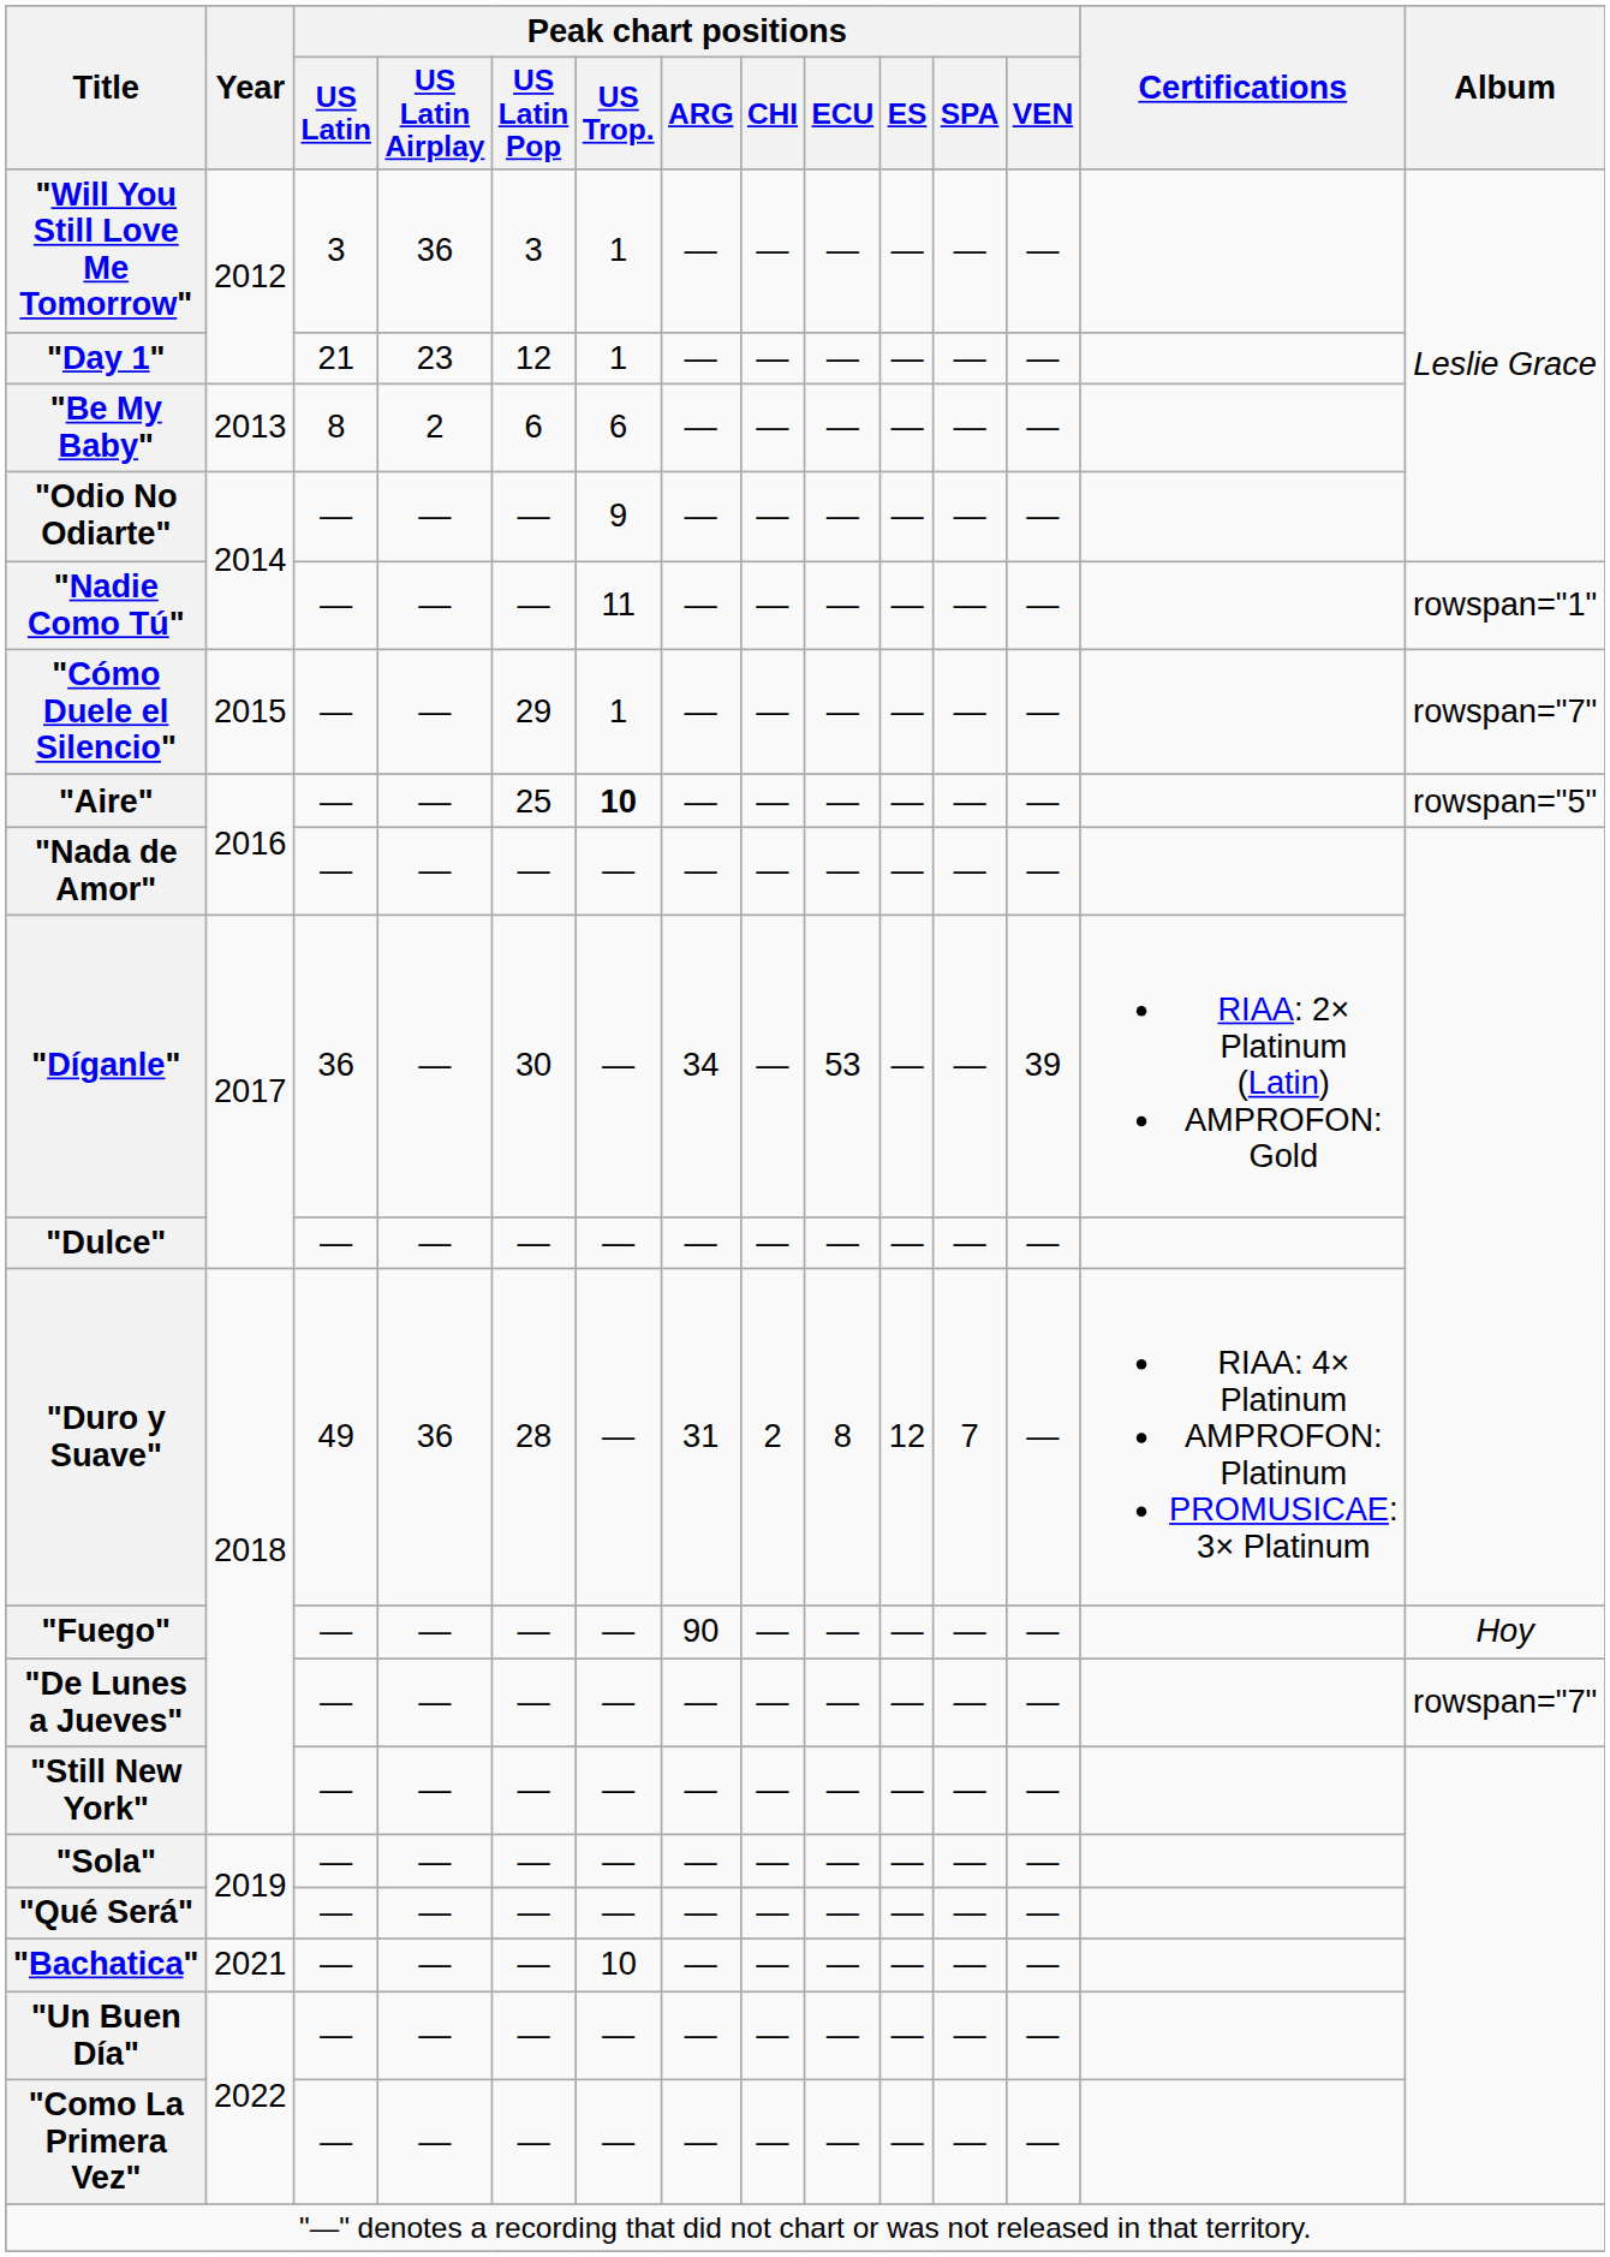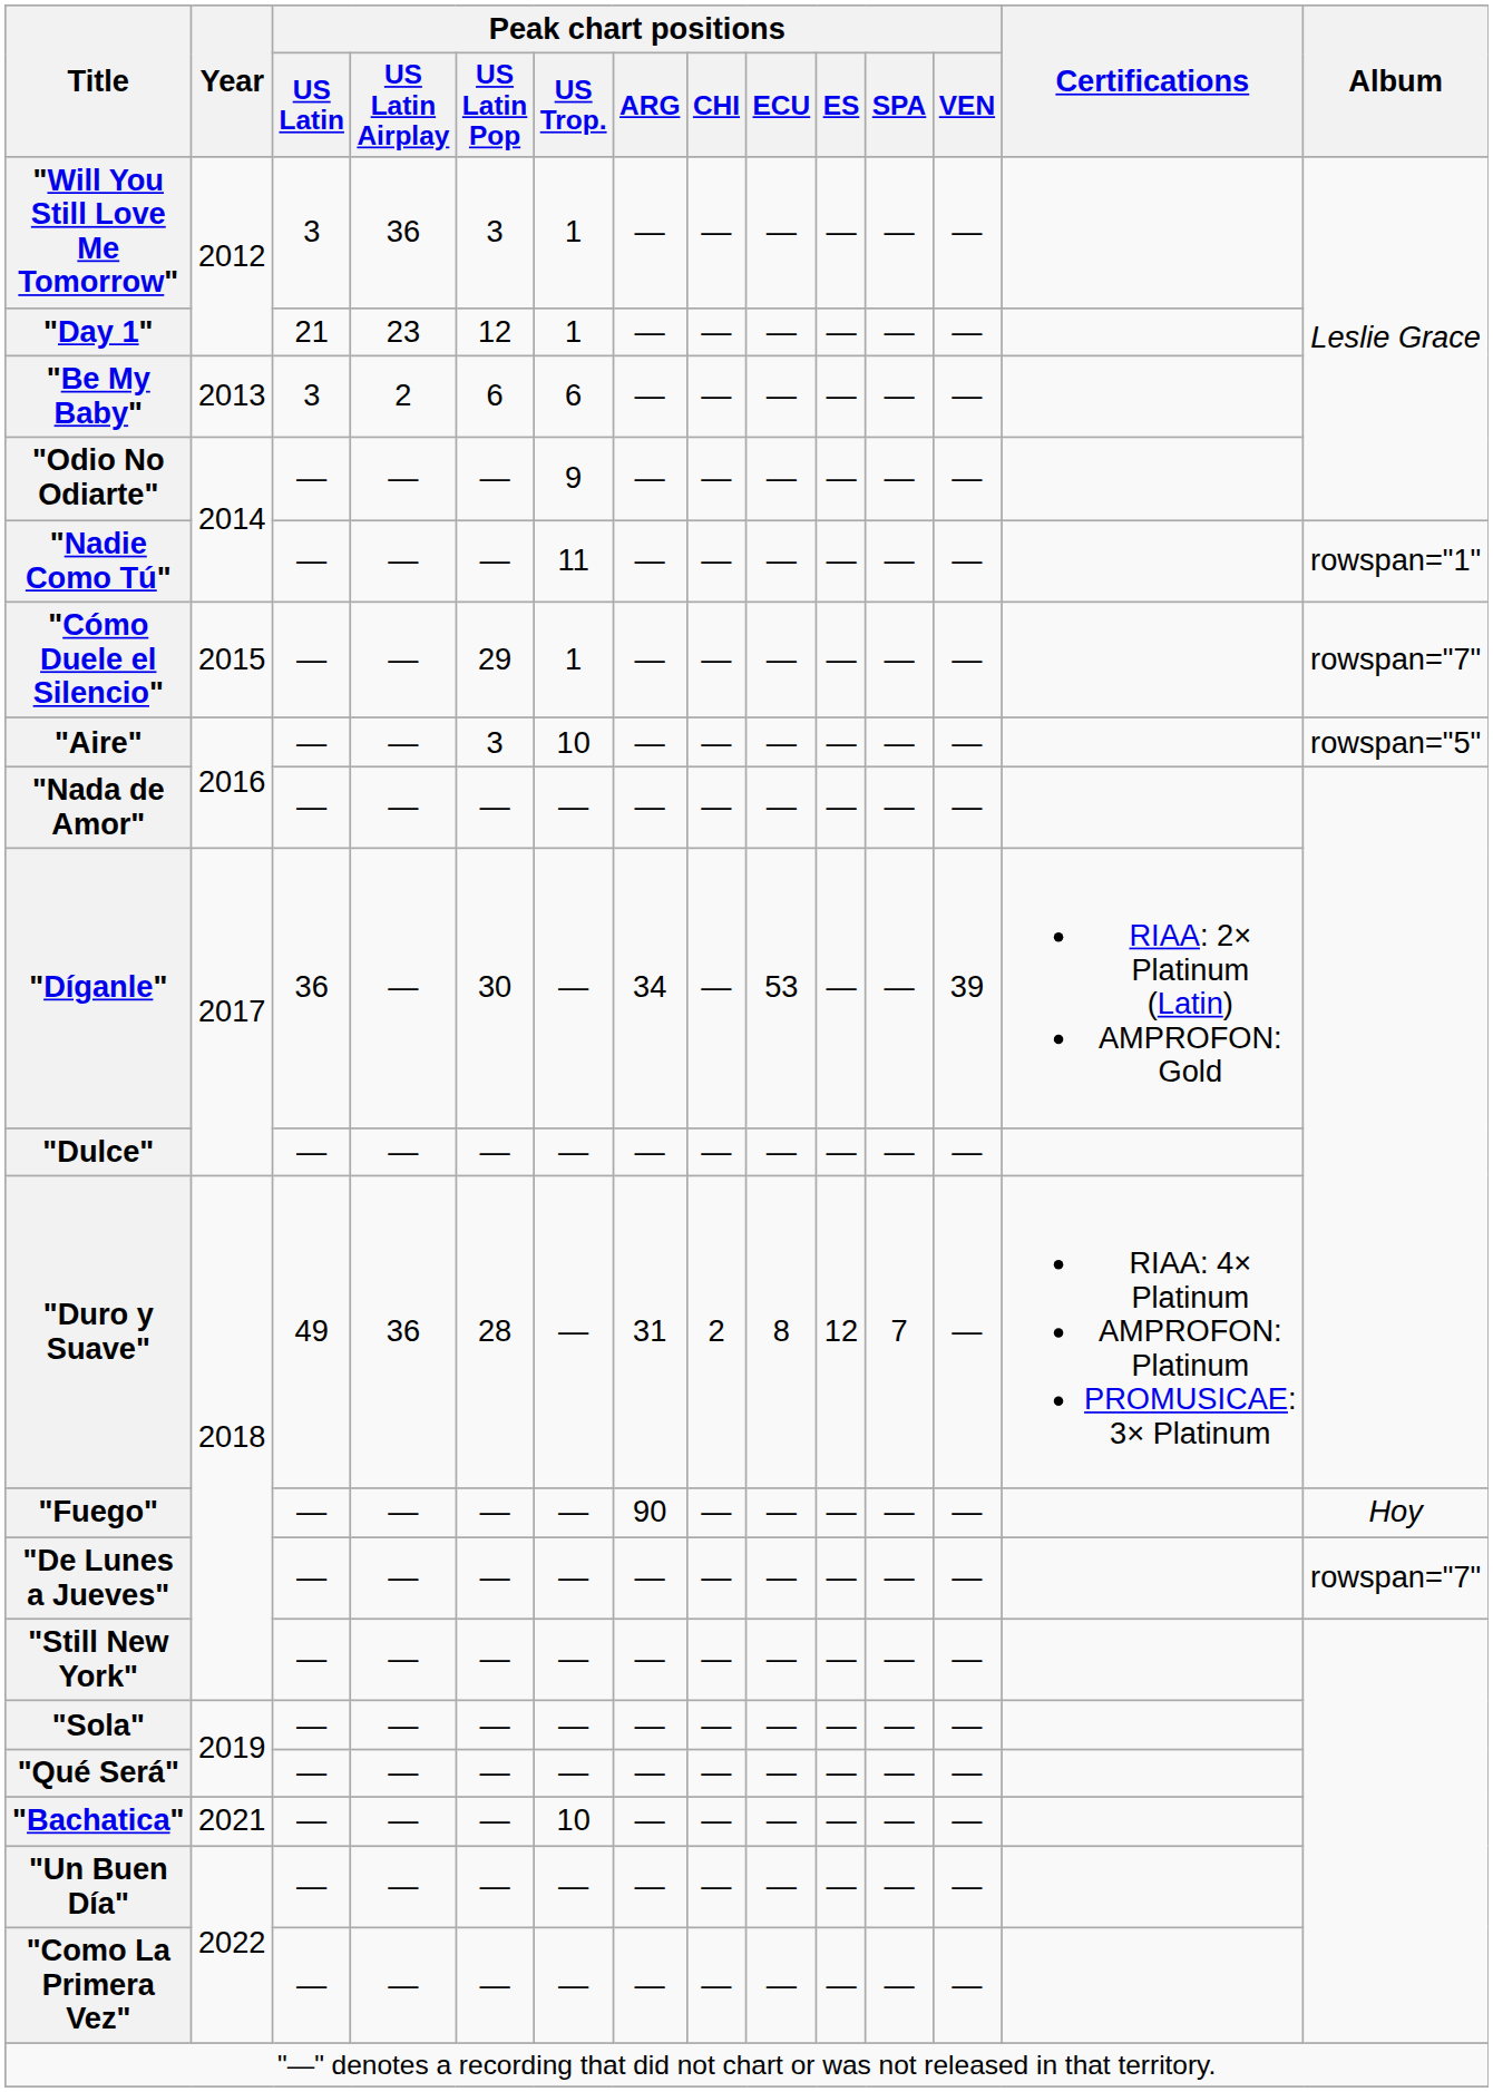 <table class="wikitable plainrowheaders" style="text-align:center;">
 <tr>
 <th scope="col" rowspan="2" style="width:16em;">Title</th>
 <th scope="col" rowspan="2">Year</th>
 <th scope="col" colspan="10">Peak chart positions</th>
 <th scope="col" rowspan="2" style="width:14em;"><a href='#'>Certifications</a></th>
 <th scope="col" rowspan="2">Album</th>
 </tr>
 <tr>
 <th scope="col" style="width:3em;font-size:90%;"><a href='#'>US<br>Latin</a><br></th>
 <th scope="col" style="width:3em;font-size:90%;"><a href='#'>US<br>Latin<br>Airplay</a><br></th>
 <th scope="col" style="width:3em;font-size:90%;"><a href='#'>US<br>Latin<br>Pop</a><br></th>
 <th scope="col" style="width:3em;font-size:90%;"><a href='#'>US<br>Trop.</a><br></th>
 <th scope="col" style="width:3em;font-size:90%;"><a href='#'>ARG</a><br></th>
 <th scope="col" style="width:3em;font-size:90%;"><a href='#'>CHI</a><br></th>
 <th scope="col" style="width:3em;font-size:90%;"><a href='#'>ECU</a><br></th>
 <th scope="col" style="width:3em;font-size:90%;"><a href='#'>ES</a><br></th>
 <th scope="col" style="width:3em;font-size:90%;"><a href='#'>SPA</a><br></th>
 <th scope="col" style="width:3em;font-size:90%;"><a href='#'>VEN</a><br></th>
 </tr>
 <tr>
 <th scope="row">"<a href='#'>Will You Still Love Me Tomorrow</a>"</th>
 <td rowspan="2">2012</td>
 <td>3</td>
 <td>36</td>
 <td>3</td>
 <td>1</td>
 <td>—</td>
 <td>—</td>
 <td>—</td>
 <td>—</td>
 <td>—</td>
 <td>—</td>
 <td></td>
 <td rowspan="4"><em>Leslie Grace</em></td>
 </tr>
 <tr>
 <th scope="row">"<a href='#'>Day 1</a>"</th>
 <td>21</td>
 <td>23</td>
 <td>12</td>
 <td>1</td>
 <td>—</td>
 <td>—</td>
 <td>—</td>
 <td>—</td>
 <td>—</td>
 <td>—</td>
 <td></td>
 </tr>
 <tr>
 <th scope="row">"<a href='#'>Be My Baby</a>"</th>
 <td>2013</td>
-<td>8</td>
+<td>3</td>
 <td>2</td>
 <td>6</td>
 <td>6</td>
 <td>—</td>
 <td>—</td>
 <td>—</td>
 <td>—</td>
 <td>—</td>
 <td>—</td>
 <td></td>
 </tr>
 <tr>
 <th scope="row">"Odio No Odiarte"</th>
 <td rowspan="2">2014</td>
 <td>—</td>
 <td>—</td>
 <td>—</td>
 <td>9</td>
 <td>—</td>
 <td>—</td>
 <td>—</td>
 <td>—</td>
 <td>—</td>
 <td>—</td>
 <td></td>
 </tr>
 <tr>
 <th scope="row">"<a href='#'>Nadie Como Tú</a>"</th>
 <td>—</td>
 <td>—</td>
 <td>—</td>
 <td>11</td>
 <td>—</td>
 <td>—</td>
 <td>—</td>
 <td>—</td>
 <td>—</td>
 <td>—</td>
 <td></td>
 <td>rowspan="1" </td>
 </tr>
 <tr>
 <th scope="row">"<a href='#'>Cómo Duele el Silencio</a>"</th>
 <td>2015</td>
 <td>—</td>
 <td>—</td>
 <td>29</td>
 <td>1</td>
 <td>—</td>
 <td>—</td>
 <td>—</td>
 <td>—</td>
 <td>—</td>
 <td>—</td>
 <td></td>
 <td>rowspan="7" </td>
 </tr>
 <tr>
 <th scope="row">"Aire"<br></th>
 <td rowspan="2">2016</td>
 <td>—</td>
 <td>—</td>
-<td>25</td>
-<td><strong>10</strong></td>
+<td>3</td>
+<td>10</td>
 <td>—</td>
 <td>—</td>
 <td>—</td>
 <td>—</td>
 <td>—</td>
 <td>—</td>
 <td></td>
 <td>rowspan="5" </td>
 </tr>
 <tr>
 <th scope="row">"Nada de Amor"</th>
 <td>—</td>
 <td>—</td>
 <td>—</td>
 <td>—</td>
 <td>—</td>
 <td>—</td>
 <td>—</td>
 <td>—</td>
 <td>—</td>
 <td>—</td>
 <td></td>
 </tr>
 <tr>
 <th scope="row">"<a href='#'>Díganle</a>"<br></th>
 <td rowspan="2">2017</td>
 <td>36</td>
 <td>—</td>
 <td>30</td>
 <td>—</td>
 <td>34</td>
 <td>—</td>
 <td>53</td>
 <td>—</td>
 <td>—</td>
 <td>39</td>
 <td><br><ul><li><a href='#'>RIAA</a>: 2× Platinum <span>(<a href='#'>Latin</a>)</span></li><li>AMPROFON: Gold</li></ul></td>
 </tr>
 <tr>
 <th scope="row">"Dulce"<br></th>
 <td>—</td>
 <td>—</td>
 <td>—</td>
 <td>—</td>
 <td>—</td>
 <td>—</td>
 <td>—</td>
 <td>—</td>
 <td>—</td>
 <td>—</td>
 <td></td>
 </tr>
 <tr>
 <th scope="row">"Duro y Suave"<br></th>
 <td rowspan="4">2018</td>
 <td>49</td>
 <td>36</td>
 <td>28</td>
 <td>—</td>
 <td>31</td>
 <td>2</td>
 <td>8</td>
 <td>12</td>
 <td>7</td>
 <td>—</td>
 <td><br><ul><li>RIAA: 4× Platinum </li><li>AMPROFON: Platinum</li><li><a href='#'>PROMUSICAE</a>: 3× Platinum</li></ul></td>
 </tr>
 <tr>
 <th scope="row">"Fuego"<br></th>
 <td>—</td>
 <td>—</td>
 <td>—</td>
 <td>—</td>
 <td>90</td>
 <td>—</td>
 <td>—</td>
 <td>—</td>
 <td>—</td>
 <td>—</td>
 <td></td>
 <td><em>Hoy</em></td>
 </tr>
 <tr>
 <th scope="row">"De Lunes a Jueves"<br></th>
 <td>—</td>
 <td>—</td>
 <td>—</td>
 <td>—</td>
 <td>—</td>
 <td>—</td>
 <td>—</td>
 <td>—</td>
 <td>—</td>
 <td>—</td>
 <td></td>
 <td>rowspan="7" </td>
 </tr>
 <tr>
 <th scope="row">"Still New York"<br></th>
 <td>—</td>
 <td>—</td>
 <td>—</td>
 <td>—</td>
 <td>—</td>
 <td>—</td>
 <td>—</td>
 <td>—</td>
 <td>—</td>
 <td>—</td>
 <td></td>
 </tr>
 <tr>
 <th scope="row">"Sola"<br></th>
 <td rowspan="2">2019</td>
 <td>—</td>
 <td>—</td>
 <td>—</td>
 <td>—</td>
 <td>—</td>
 <td>—</td>
 <td>—</td>
 <td>—</td>
 <td>—</td>
 <td>—</td>
 <td></td>
 </tr>
 <tr>
 <th scope="row">"Qué Será"<br></th>
 <td>—</td>
 <td>—</td>
 <td>—</td>
 <td>—</td>
 <td>—</td>
 <td>—</td>
 <td>—</td>
 <td>—</td>
 <td>—</td>
 <td>—</td>
 <td></td>
 </tr>
 <tr>
 <th scope="row">"<a href='#'>Bachatica</a>"</th>
 <td rowspan="1">2021</td>
 <td>—</td>
 <td>—</td>
 <td>—</td>
 <td>10</td>
 <td>—</td>
 <td>—</td>
 <td>—</td>
 <td>—</td>
 <td>—</td>
 <td>—</td>
 <td></td>
 </tr>
 <tr>
 <th scope="row">"Un Buen Día"</th>
 <td rowspan="2">2022</td>
 <td>—</td>
 <td>—</td>
 <td>—</td>
 <td>—</td>
 <td>—</td>
 <td>—</td>
 <td>—</td>
 <td>—</td>
 <td>—</td>
 <td>—</td>
 <td></td>
 </tr>
 <tr>
 <th scope="row">"Como La Primera Vez" <br></th>
 <td>—</td>
 <td>—</td>
 <td>—</td>
 <td>—</td>
 <td>—</td>
 <td>—</td>
 <td>—</td>
 <td>—</td>
 <td>—</td>
 <td>—</td>
 <td></td>
 </tr>
 <tr>
 <td colspan="15" style="font-size:90%">"—" denotes a recording that did not chart or was not released in that territory.</td>
 </tr>
 </table>
